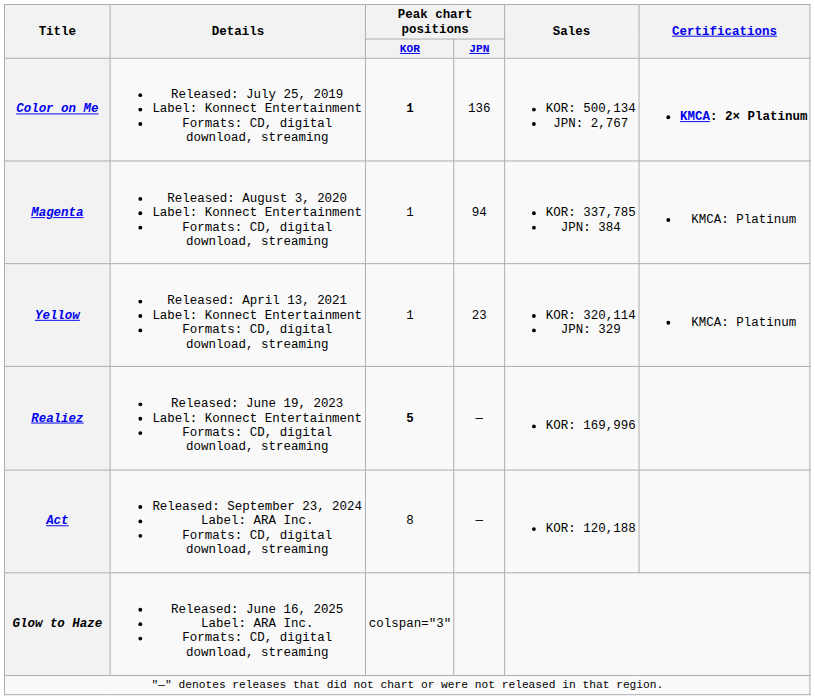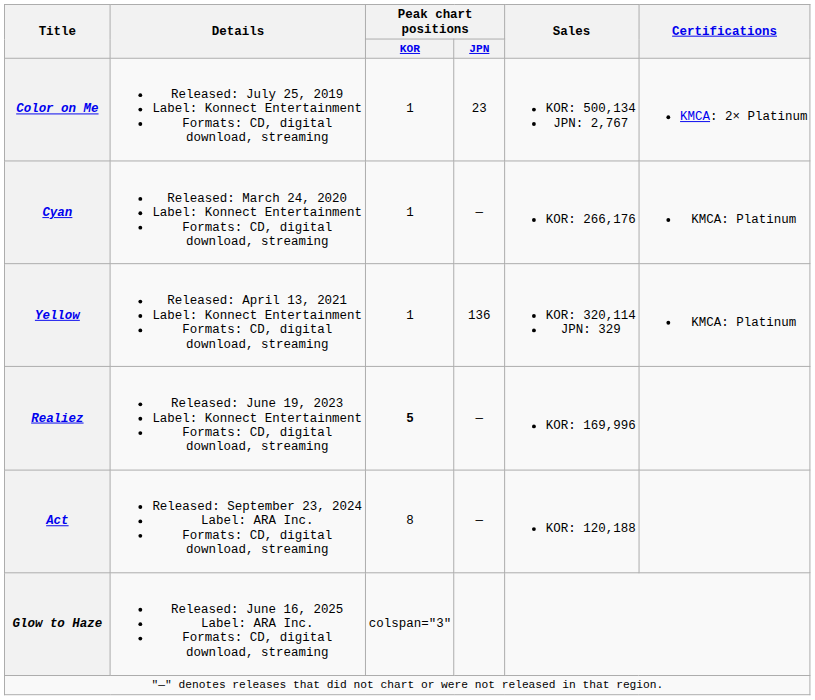 <table class="wikitable plainrowheaders" style="text-align:center;" border="1">
 <tr>
 <th scope="col" rowspan="2" style="width:8em;">Title</th>
 <th scope="col" rowspan="2" style="width:20em;">Details</th>
 <th scope="col" colspan="2">Peak chart positions</th>
 <th scope="col" rowspan="2">Sales</th>
 <th scope="col" rowspan="2"><a href='#'>Certifications</a></th>
 </tr>
 <tr>
 <th scope="col" style="width:4em;font-size:90%;"><a href='#'>KOR</a><br></th>
 <th scope="col" style="width:4em;font-size:90%;"><a href='#'>JPN</a><br></th>
 </tr>
 <tr>
 <th scope="row"><em><a href='#'>Color on Me</a></em></th>
 <td><br><ul><li>Released: July 25, 2019 </li><li>Label: Konnect Entertainment</li><li>Formats: CD, digital download, streaming</li></ul></td>
-<td><strong>1</strong></td>
-<td>136</td>
+<td>1</td>
+<td>23</td>
 <td><br><ul><li>KOR: 500,134</li><li>JPN: 2,767</li></ul></td>
-<td><strong><br><ul><li><a href='#'>KMCA</a>: 2× Platinum</li></ul></strong></td>
+<td><br><ul><li><a href='#'>KMCA</a>: 2× Platinum</li></ul></td>
 </tr>
 <tr>
-<th scope="row"><em><a href='#'>Magenta</a></em></th>
-<td><br><ul><li>Released: August 3, 2020 </li><li>Label: Konnect Entertainment</li><li>Formats: CD, digital download, streaming</li></ul></td>
+<th scope="row"><em><a href='#'>Cyan</a></em></th>
+<td><br><ul><li>Released: March 24, 2020 </li><li>Label: Konnect Entertainment</li><li>Formats: CD, digital download, streaming</li></ul></td>
 <td>1</td>
-<td>94</td>
-<td><br><ul><li>KOR: 337,785</li><li>JPN: 384</li></ul></td>
+<td>—</td>
+<td><br><ul><li>KOR: 266,176</li></ul></td>
 <td><br><ul><li>KMCA: Platinum</li></ul></td>
 </tr>
 <tr>
 <th scope="row"><em><a href='#'>Yellow</a></em></th>
 <td><br><ul><li>Released: April 13, 2021 </li><li>Label: Konnect Entertainment</li><li>Formats: CD, digital download, streaming</li></ul></td>
 <td>1</td>
-<td>23</td>
+<td>136</td>
 <td><br><ul><li>KOR: 320,114</li><li>JPN: 329</li></ul></td>
 <td><br><ul><li>KMCA: Platinum</li></ul></td>
 </tr>
 <tr>
 <th scope="row"><em><a href='#'>Realiez</a></em></th>
 <td><br><ul><li>Released: June 19, 2023 </li><li>Label: Konnect Entertainment</li><li>Formats: CD, digital download, streaming</li></ul></td>
 <td><strong>5</strong></td>
 <td>—</td>
 <td><br><ul><li>KOR: 169,996</li></ul></td>
 <td></td>
 </tr>
 <tr>
 <th scope="row"><em><a href='#'>Act</a></em></th>
 <td><br><ul><li>Released: September 23, 2024 </li><li>Label: ARA Inc.</li><li>Formats: CD, digital download, streaming</li></ul></td>
 <td>8</td>
 <td>—</td>
 <td><br><ul><li>KOR: 120,188</li></ul></td>
 <td></td>
 </tr>
 <tr>
 <th scope="row"><em>Glow to Haze</em></th>
 <td><br><ul><li>Released: June 16, 2025 </li><li>Label: ARA Inc.</li><li>Formats: CD, digital download, streaming</li></ul></td>
 <td>colspan="3"  </td>
 <td></td>
 </tr>
 <tr>
 <td colspan="6" style="font-size:90%" align="center">"—" denotes releases that did not chart or were not released in that region.</td>
 </tr>
 </table>
